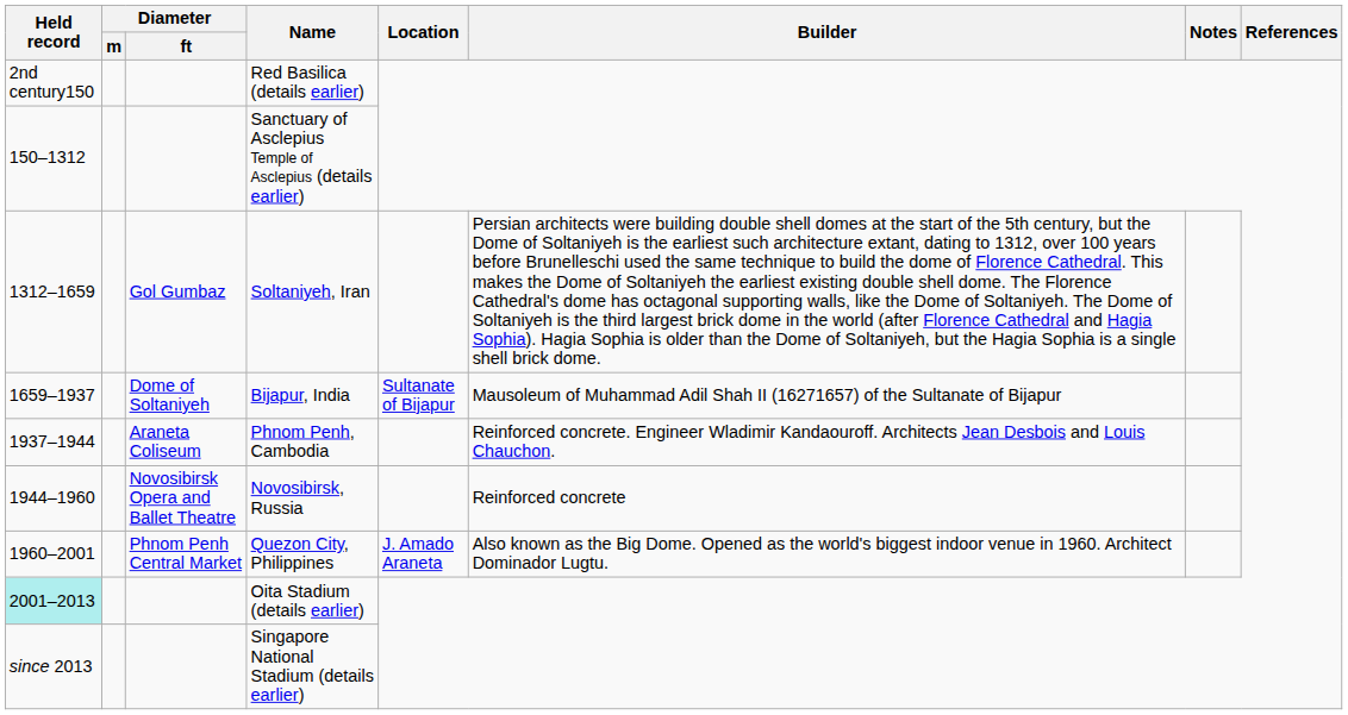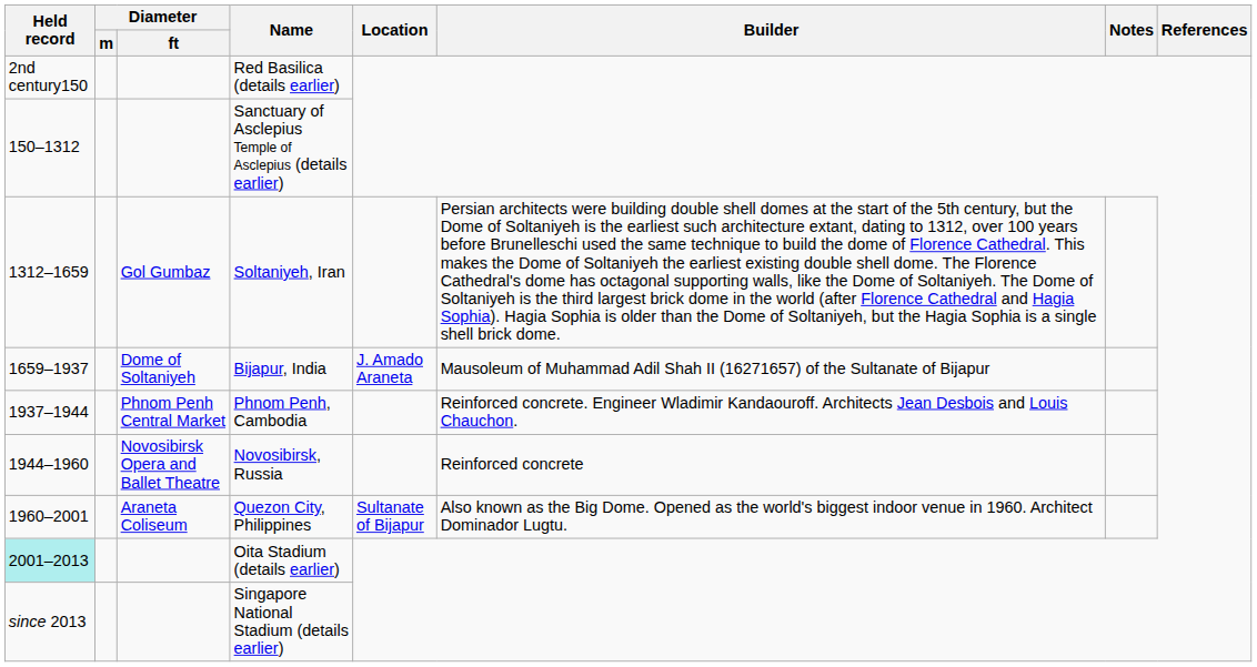 <table class="wikitable sortable">
 <tr>
 <th rowspan=2>Held record</th>
 <th colspan=2 data-sort-type="number">Diameter</th>
 <th rowspan=2>Name</th>
 <th rowspan=2>Location</th>
 <th rowspan=2>Builder</th>
 <th rowspan=2>Notes</th>
 <th rowspan=2>References</th>
 </tr>
 <tr>
 <th>m</th>
 <th>ft</th>
 </tr>
 <tr>
 <td>2nd century150</td>
 <td></td>
 <td></td>
 <td>Red Basilica (details <a href='#'>earlier</a>)</td>
 </tr>
 <tr>
 <td>150–1312</td>
 <td></td>
 <td></td>
 <td>Sanctuary of Asclepius<br><small>Temple of Asclepius</small> (details <a href='#'>earlier</a>)</td>
 </tr>
 <tr>
 <td>1312–1659</td>
 <td></td>
 <td><a href='#'>Gol Gumbaz</a></td>
 <td><a href='#'>Soltaniyeh</a>, Iran</td>
 <td></td>
 <td>Persian architects were building double shell domes at the start of the 5th century, but the Dome of Soltaniyeh is the earliest such architecture extant, dating to 1312, over 100 years before Brunelleschi used the same technique to build the dome of <a href='#'>Florence Cathedral</a>. This makes the Dome of Soltaniyeh the earliest existing double shell dome. The Florence Cathedral's dome has octagonal supporting walls, like the Dome of Soltaniyeh. The Dome of Soltaniyeh is the third largest brick dome in the world (after <a href='#'>Florence Cathedral</a> and <a href='#'>Hagia Sophia</a>). Hagia Sophia is older than the Dome of Soltaniyeh, but the Hagia Sophia is a single shell brick dome.</td>
 <td></td>
 </tr>
 <tr>
 <td>1659–1937</td>
 <td></td>
 <td><a href='#'>Dome of Soltaniyeh</a></td>
 <td><a href='#'>Bijapur</a>, India</td>
-<td><a href='#'>Sultanate of Bijapur</a></td>
+<td><a href='#'>J. Amado Araneta</a></td>
 <td>Mausoleum of Muhammad Adil Shah II (16271657) of the Sultanate of Bijapur</td>
 <td></td>
 </tr>
 <tr>
 <td>1937–1944</td>
 <td></td>
-<td><a href='#'>Araneta Coliseum</a></td>
+<td><a href='#'>Phnom Penh Central Market</a></td>
 <td><a href='#'>Phnom Penh</a>, Cambodia</td>
 <td></td>
 <td>Reinforced concrete. Engineer Wladimir Kandaouroff. Architects <a href='#'>Jean Desbois</a> and <a href='#'>Louis Chauchon</a>.</td>
 <td></td>
 </tr>
 <tr>
 <td>1944–1960</td>
 <td></td>
 <td><a href='#'>Novosibirsk Opera and Ballet Theatre</a></td>
 <td><a href='#'>Novosibirsk</a>, Russia</td>
 <td></td>
 <td>Reinforced concrete</td>
 <td></td>
 </tr>
 <tr>
 <td>1960–2001</td>
 <td></td>
-<td><a href='#'>Phnom Penh Central Market</a></td>
+<td><a href='#'>Araneta Coliseum</a></td>
 <td><a href='#'>Quezon City</a>, Philippines</td>
-<td><a href='#'>J. Amado Araneta</a></td>
+<td><a href='#'>Sultanate of Bijapur</a></td>
 <td>Also known as the Big Dome. Opened as the world's biggest indoor venue in 1960. Architect Dominador Lugtu.</td>
 <td></td>
 </tr>
 <tr>
 <td style="background: paleturquoise;">2001–2013</td>
 <td></td>
 <td></td>
 <td>Oita Stadium (details <a href='#'>earlier</a>)</td>
 </tr>
 <tr>
 <td><em>since</em> 2013</td>
 <td></td>
 <td></td>
 <td>Singapore National Stadium (details <a href='#'>earlier</a>)</td>
 </tr>
 </table>
